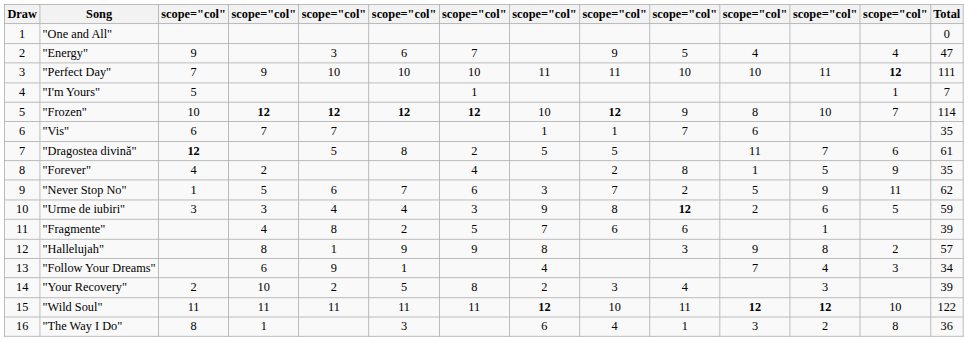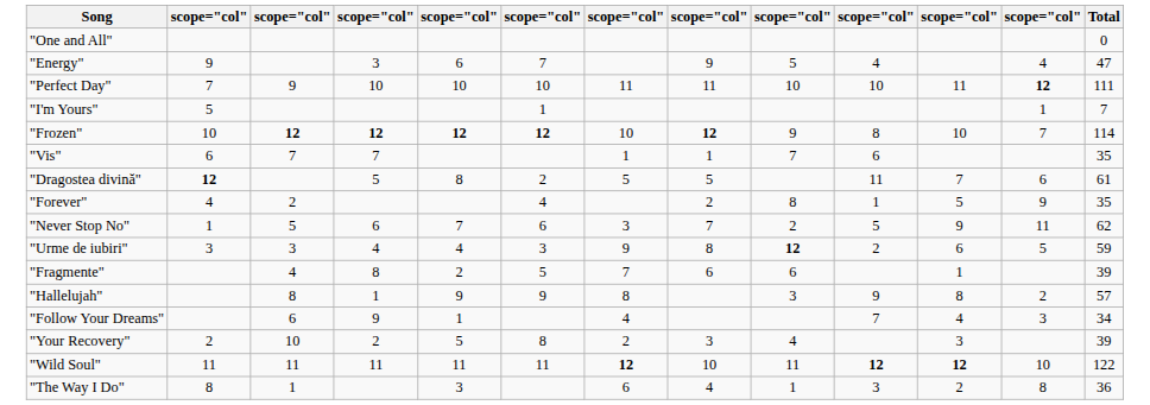 <table class="wikitable collapsible" style="margin: 1em auto 1em auto; text-align:center;">
 <tr>
-<th>Draw</th>
 <th>Song</th>
 <th>scope="col" </th>
 <th>scope="col" </th>
 <th>scope="col" </th>
 <th>scope="col" </th>
 <th>scope="col" </th>
 <th>scope="col" </th>
 <th>scope="col" </th>
 <th>scope="col" </th>
 <th>scope="col" </th>
 <th>scope="col" </th>
 <th>scope="col" </th>
 <th>Total</th>
 </tr>
 <tr>
-<td>1</td>
 <td align="left">"One and All"</td>
 <td></td>
 <td></td>
 <td></td>
 <td></td>
 <td></td>
 <td></td>
 <td></td>
 <td></td>
 <td></td>
 <td></td>
 <td></td>
 <td>0</td>
 </tr>
 <tr>
-<td>2</td>
 <td align="left">"Energy"</td>
 <td>9</td>
 <td></td>
 <td>3</td>
 <td>6</td>
 <td>7</td>
 <td></td>
 <td>9</td>
 <td>5</td>
 <td>4</td>
 <td></td>
 <td>4</td>
 <td>47</td>
 </tr>
 <tr>
-<td>3</td>
 <td align="left">"Perfect Day"</td>
 <td>7</td>
 <td>9</td>
 <td>10</td>
 <td>10</td>
 <td>10</td>
 <td>11</td>
 <td>11</td>
 <td>10</td>
 <td>10</td>
 <td>11</td>
 <td><strong>12</strong></td>
 <td>111</td>
 </tr>
 <tr>
-<td>4</td>
 <td align="left">"I'm Yours"</td>
 <td>5</td>
 <td></td>
 <td></td>
 <td></td>
 <td>1</td>
 <td></td>
 <td></td>
 <td></td>
 <td></td>
 <td></td>
 <td>1</td>
 <td>7</td>
 </tr>
 <tr>
-<td>5</td>
 <td align="left">"Frozen"</td>
 <td>10</td>
 <td><strong>12</strong></td>
 <td><strong>12</strong></td>
 <td><strong>12</strong></td>
 <td><strong>12</strong></td>
 <td>10</td>
 <td><strong>12</strong></td>
 <td>9</td>
 <td>8</td>
 <td>10</td>
 <td>7</td>
 <td>114</td>
 </tr>
 <tr>
-<td>6</td>
 <td align="left">"Vis"</td>
 <td>6</td>
 <td>7</td>
 <td>7</td>
 <td></td>
 <td></td>
 <td>1</td>
 <td>1</td>
 <td>7</td>
 <td>6</td>
 <td></td>
 <td></td>
 <td>35</td>
 </tr>
 <tr>
-<td>7</td>
 <td align="left">"Dragostea divină"</td>
 <td><strong>12</strong></td>
 <td></td>
 <td>5</td>
 <td>8</td>
 <td>2</td>
 <td>5</td>
 <td>5</td>
 <td></td>
 <td>11</td>
 <td>7</td>
 <td>6</td>
 <td>61</td>
 </tr>
 <tr>
-<td>8</td>
 <td align="left">"Forever"</td>
 <td>4</td>
 <td>2</td>
 <td></td>
 <td></td>
 <td>4</td>
 <td></td>
 <td>2</td>
 <td>8</td>
 <td>1</td>
 <td>5</td>
 <td>9</td>
 <td>35</td>
 </tr>
 <tr>
-<td>9</td>
 <td align="left">"Never Stop No"</td>
 <td>1</td>
 <td>5</td>
 <td>6</td>
 <td>7</td>
 <td>6</td>
 <td>3</td>
 <td>7</td>
 <td>2</td>
 <td>5</td>
 <td>9</td>
 <td>11</td>
 <td>62</td>
 </tr>
 <tr>
-<td>10</td>
 <td align="left">"Urme de iubiri"</td>
 <td>3</td>
 <td>3</td>
 <td>4</td>
 <td>4</td>
 <td>3</td>
 <td>9</td>
 <td>8</td>
 <td><strong>12</strong></td>
 <td>2</td>
 <td>6</td>
 <td>5</td>
 <td>59</td>
 </tr>
 <tr>
-<td>11</td>
 <td align="left">"Fragmente"</td>
 <td></td>
 <td>4</td>
 <td>8</td>
 <td>2</td>
 <td>5</td>
 <td>7</td>
 <td>6</td>
 <td>6</td>
 <td></td>
 <td>1</td>
 <td></td>
 <td>39</td>
 </tr>
 <tr>
-<td>12</td>
 <td align="left">"Hallelujah"</td>
 <td></td>
 <td>8</td>
 <td>1</td>
 <td>9</td>
 <td>9</td>
 <td>8</td>
 <td></td>
 <td>3</td>
 <td>9</td>
 <td>8</td>
 <td>2</td>
 <td>57</td>
 </tr>
 <tr>
-<td>13</td>
 <td align="left">"Follow Your Dreams"</td>
 <td></td>
 <td>6</td>
 <td>9</td>
 <td>1</td>
 <td></td>
 <td>4</td>
 <td></td>
 <td></td>
 <td>7</td>
 <td>4</td>
 <td>3</td>
 <td>34</td>
 </tr>
 <tr>
-<td>14</td>
 <td align="left">"Your Recovery"</td>
 <td>2</td>
 <td>10</td>
 <td>2</td>
 <td>5</td>
 <td>8</td>
 <td>2</td>
 <td>3</td>
 <td>4</td>
 <td></td>
 <td>3</td>
 <td></td>
 <td>39</td>
 </tr>
 <tr>
-<td>15</td>
 <td align="left">"Wild Soul"</td>
 <td>11</td>
 <td>11</td>
 <td>11</td>
 <td>11</td>
 <td>11</td>
 <td><strong>12</strong></td>
 <td>10</td>
 <td>11</td>
 <td><strong>12</strong></td>
 <td><strong>12</strong></td>
 <td>10</td>
 <td>122</td>
 </tr>
 <tr>
-<td>16</td>
 <td align="left">"The Way I Do"</td>
 <td>8</td>
 <td>1</td>
 <td></td>
 <td>3</td>
 <td></td>
 <td>6</td>
 <td>4</td>
 <td>1</td>
 <td>3</td>
 <td>2</td>
 <td>8</td>
 <td>36</td>
 </tr>
 </table>
